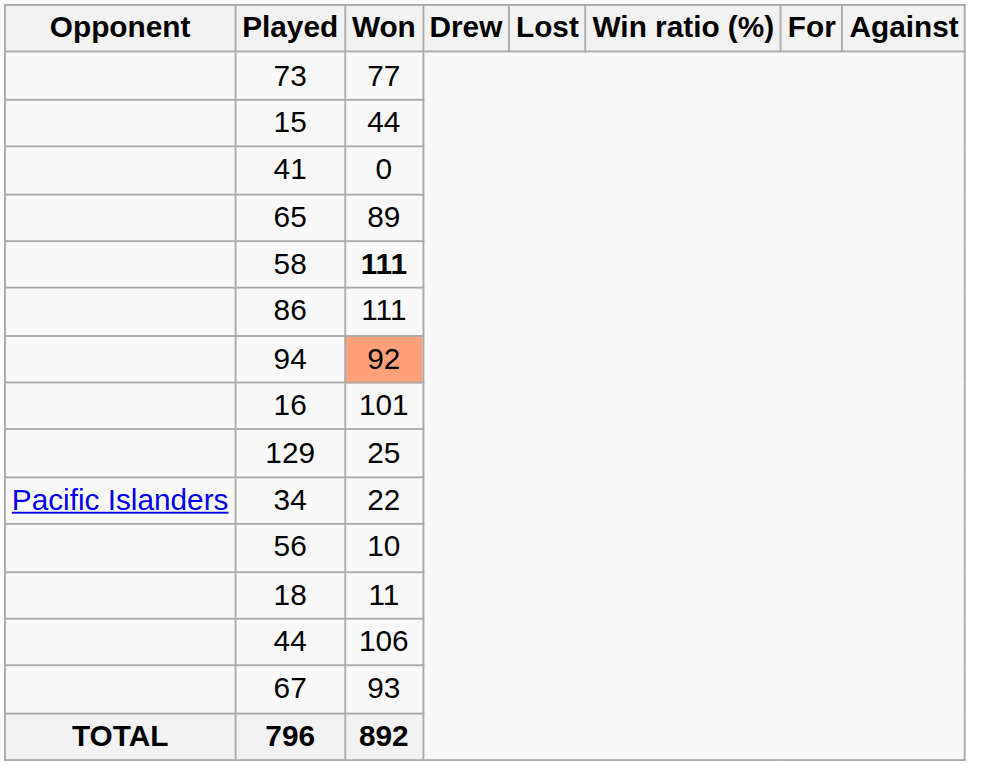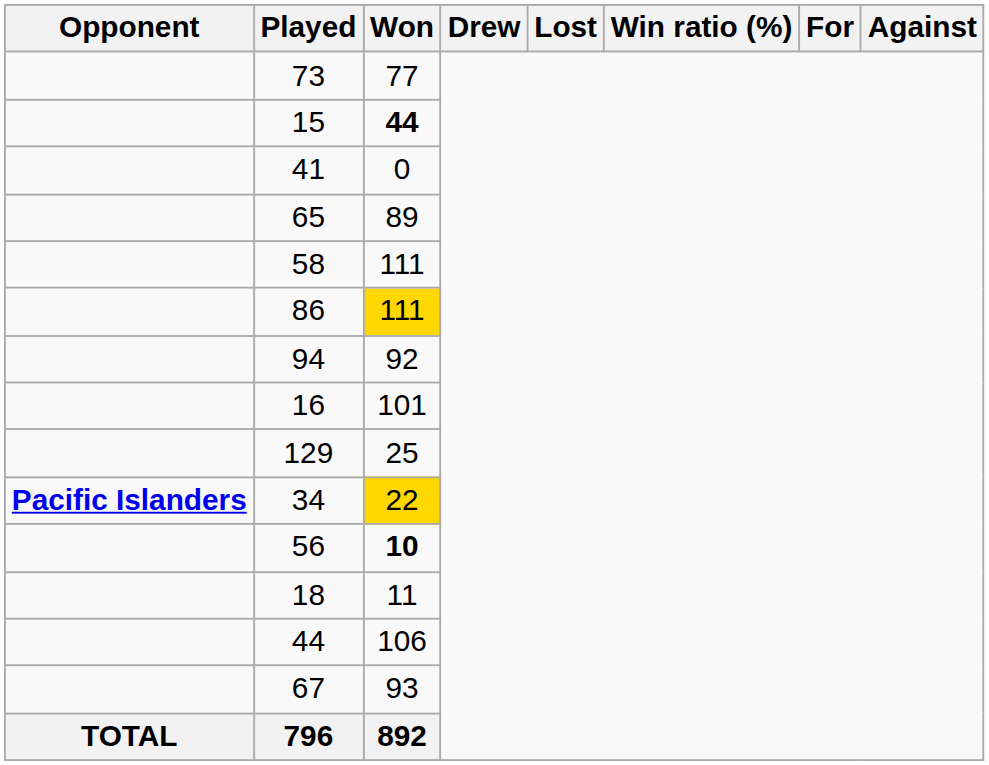 <table class="wikitable sortable">
 <tr>
 <th>Opponent</th>
 <th>Played</th>
 <th>Won</th>
 <th>Drew</th>
 <th>Lost</th>
 <th>Win ratio (%)</th>
 <th>For</th>
 <th>Against</th>
 </tr>
 <tr align=center>
 <td align=left><br></td>
 <td>73</td>
 <td>77</td>
 </tr>
 <tr align=center>
 <td align=left><br></td>
 <td>15</td>
-<td>44</td>
+<td><strong>44</strong></td>
 </tr>
 <tr align=center>
 <td align=left><br></td>
 <td>41</td>
 <td>0</td>
 </tr>
 <tr align=center>
 <td align=left><br></td>
 <td>65</td>
 <td>89</td>
 </tr>
 <tr align=center>
 <td align=left><br></td>
 <td>58</td>
-<td><strong>111</strong></td>
+<td>111</td>
 </tr>
 <tr align=center>
 <td align=left><br></td>
 <td>86</td>
-<td>111</td>
+<td style="background: gold;">111</td>
 </tr>
 <tr align=center>
 <td align=left><br></td>
 <td>94</td>
-<td style="background: lightsalmon;">92</td>
+<td>92</td>
 </tr>
 <tr align=center>
 <td align=left><br></td>
 <td>16</td>
 <td>101</td>
 </tr>
 <tr align=center>
 <td align=left><br></td>
 <td>129</td>
 <td>25</td>
 </tr>
 <tr align=center>
-<td><a href='#'>Pacific Islanders</a><br></td>
+<td><strong><a href='#'>Pacific Islanders</a><br></strong></td>
 <td>34</td>
-<td>22</td>
+<td style="background: gold;">22</td>
 </tr>
 <tr align=center>
 <td align=left><br></td>
 <td>56</td>
-<td>10</td>
+<td><strong>10</strong></td>
 </tr>
 <tr align=center>
 <td align=left><br></td>
 <td>18</td>
 <td>11</td>
 </tr>
 <tr align=center>
 <td align=left><br></td>
 <td>44</td>
 <td>106</td>
 </tr>
 <tr align=center>
 <td align=left><br></td>
 <td>67</td>
 <td>93</td>
 </tr>
 <tr>
 <th>TOTAL<br></th>
 <th>796</th>
 <th>892</th>
 </tr>
 </table>
